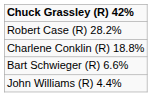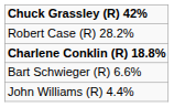 <table class="wikitable">
 <tr>
 <td><strong>Chuck Grassley (R) 42%</strong></td>
 </tr>
 <tr>
 <td>Robert Case (R) 28.2%</td>
 </tr>
 <tr>
-<td>Charlene Conklin (R) 18.8%</td>
+<td><strong>Charlene Conklin (R) 18.8%</strong></td>
 </tr>
 <tr>
 <td>Bart Schwieger (R) 6.6%</td>
 </tr>
 <tr>
 <td>John Williams (R) 4.4%</td>
 </tr>
 </table>
